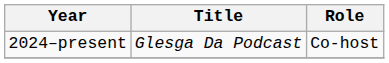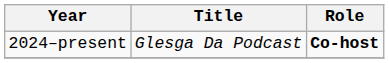 <table class="wikitable" style="font-size: 95%;">
 <tr>
 <th>Year</th>
 <th>Title</th>
 <th>Role</th>
 </tr>
 <tr>
 <td>2024–present</td>
 <td><em>Glesga Da Podcast </em></td>
-<td>Co-host</td>
+<td><strong>Co-host</strong></td>
 </tr>
 <tr>
 </tr>
 </table>
